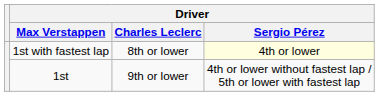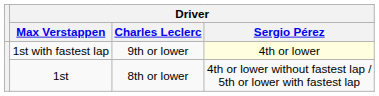 <table class="wikitable" style="text-align:center; font-size:85%">
 <tr>
 <th rowspan="2"></th>
 <th colspan="3">Driver</th>
 </tr>
 <tr>
 <th> <a href='#'>Max Verstappen</a></th>
 <th> <a href='#'>Charles Leclerc</a></th>
 <th> <a href='#'>Sergio Pérez</a></th>
 </tr>
 <tr>
 <th rowspan="2"></th>
 <td>1st with fastest lap</td>
-<td>8th or lower</td>
+<td>9th or lower</td>
 <td style="background: lightyellow;">4th or lower</td>
 </tr>
 <tr>
 <td>1st</td>
-<td>9th or lower</td>
+<td>8th or lower</td>
 <td>4th or lower without fastest lap /<br>5th or lower with fastest lap</td>
 </tr>
 </table>
